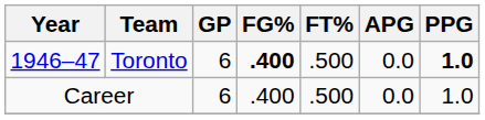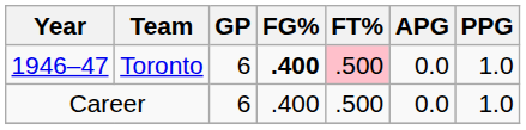 <table class="wikitable sortable" style="font-size:95%; text-align:right;">
 <tr>
 <th>Year</th>
 <th>Team</th>
 <th>GP</th>
 <th>FG%</th>
 <th>FT%</th>
 <th>APG</th>
 <th>PPG</th>
 </tr>
 <tr>
 <td style="text-align:left;"><a href='#'>1946–47</a></td>
 <td style="text-align:left;"><a href='#'>Toronto</a></td>
 <td>6</td>
 <td><strong>.400</strong></td>
-<td>.500</td>
+<td style="background: pink;">.500</td>
 <td>0.0</td>
-<td><strong>1.0</strong></td>
+<td>1.0</td>
 </tr>
 <tr>
 <td style="text-align:center;" colspan="2">Career</td>
 <td>6</td>
 <td>.400</td>
 <td>.500</td>
 <td>0.0</td>
 <td>1.0</td>
 </tr>
 <tr>
 </tr>
 </table>
